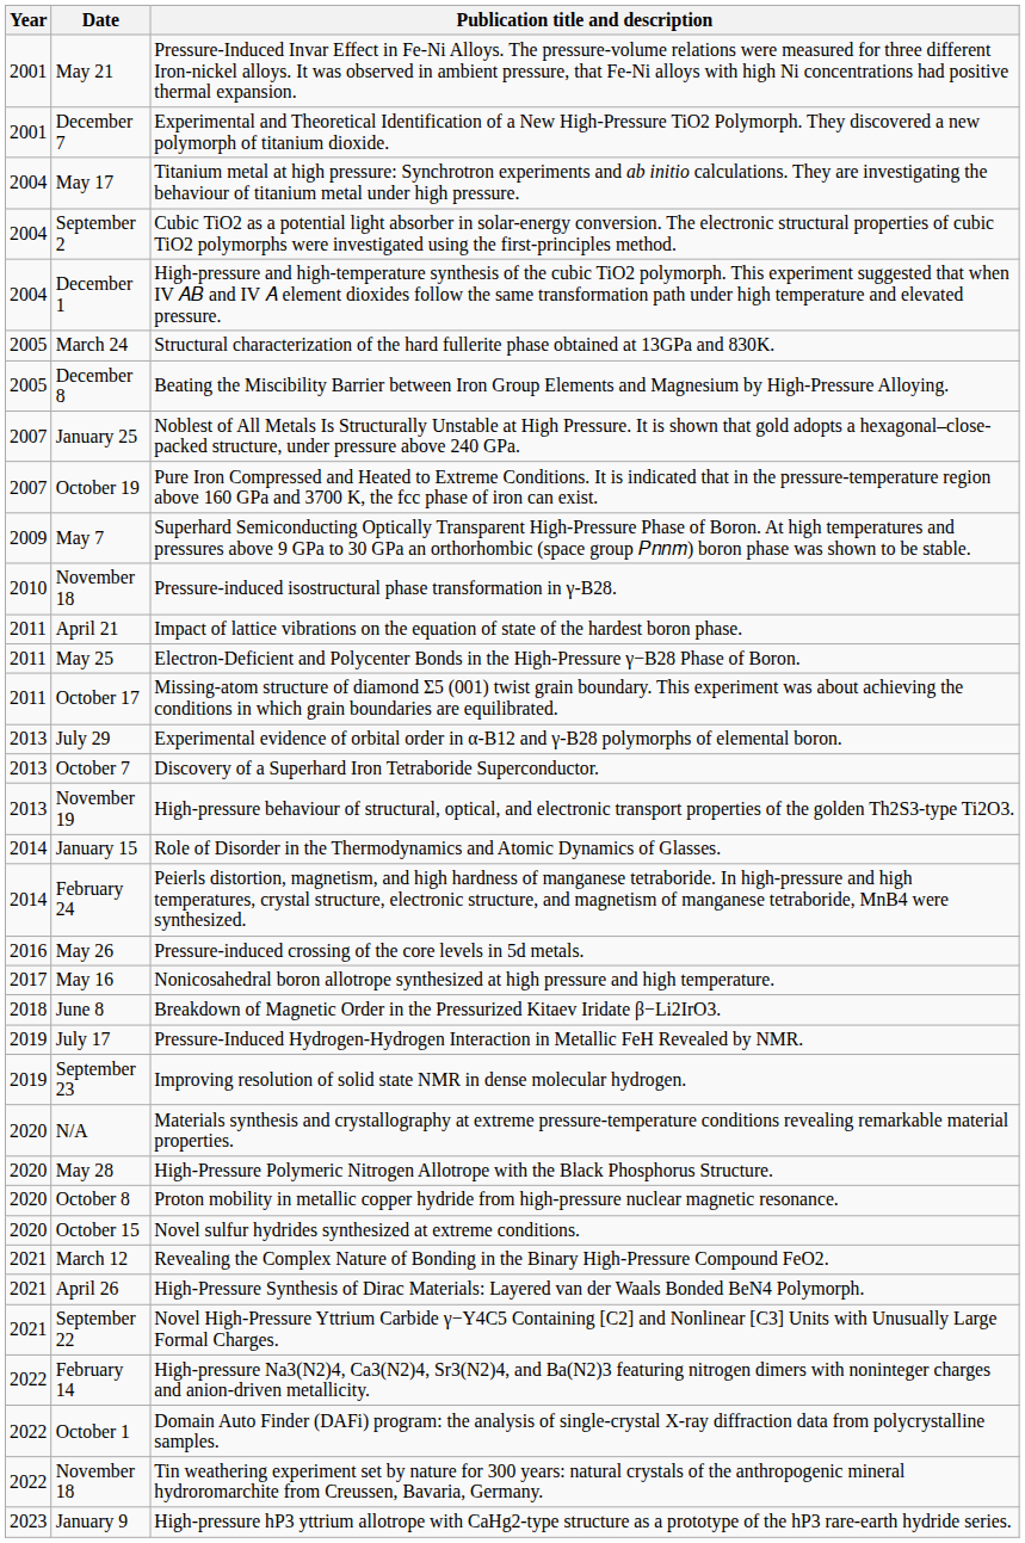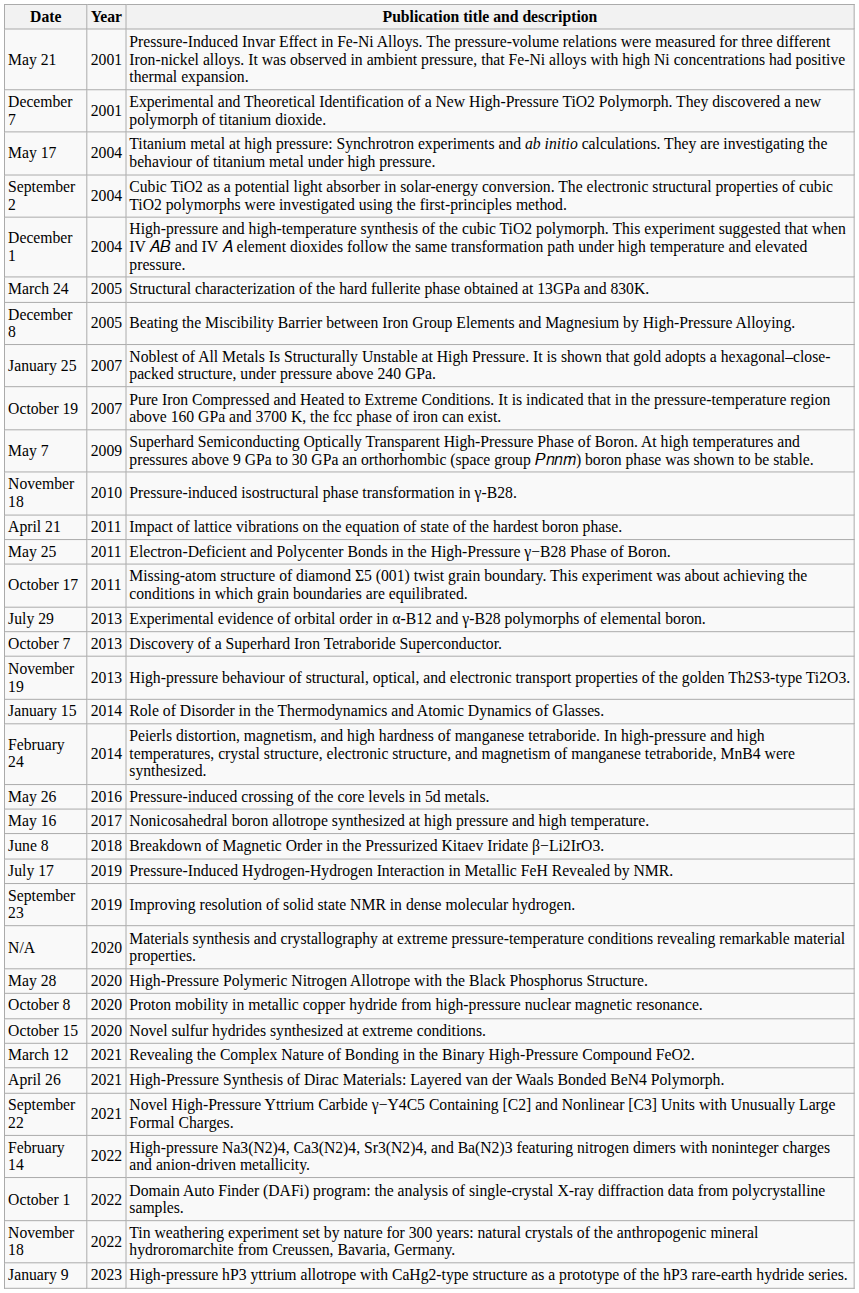 <table class="wikitable">
 <tr>
+<th>Date</th>
 <th>Year</th>
-<th>Date</th>
 <th>Publication title and description</th>
 </tr>
 <tr>
+<td>May 21</td>
 <td>2001</td>
-<td>May 21</td>
 <td>Pressure-Induced Invar Effect in Fe-Ni Alloys. The pressure-volume relations were measured for three different Iron-nickel alloys. It was observed in ambient pressure, that Fe-Ni alloys with high Ni concentrations had positive thermal expansion.</td>
 </tr>
 <tr>
+<td>December 7</td>
 <td>2001</td>
-<td>December 7</td>
 <td>Experimental and Theoretical Identification of a New High-Pressure TiO2 Polymorph. They discovered a new polymorph of titanium dioxide.</td>
 </tr>
 <tr>
+<td>May 17</td>
 <td>2004</td>
-<td>May 17</td>
 <td>Titanium metal at high pressure: Synchrotron experiments and <em>ab initio</em> calculations. They are investigating the behaviour of titanium metal under high pressure.</td>
 </tr>
 <tr>
+<td>September 2</td>
 <td>2004</td>
-<td>September 2</td>
 <td>Cubic TiO2 as a potential light absorber in solar-energy conversion. The electronic structural properties of cubic TiO2 polymorphs were investigated using the first-principles method.</td>
 </tr>
 <tr>
+<td>December 1</td>
 <td>2004</td>
-<td>December 1</td>
 <td>High-pressure and high-temperature synthesis of the cubic TiO2 polymorph. This experiment suggested that when IV 𝐴⁢𝐵 and IV 𝐴 element dioxides follow the same transformation path under high temperature and elevated pressure.</td>
 </tr>
 <tr>
+<td>March 24</td>
 <td>2005</td>
-<td>March 24</td>
 <td>Structural characterization of the hard fullerite phase obtained at 13GPa and 830K.</td>
 </tr>
 <tr>
+<td>December 8</td>
 <td>2005</td>
-<td>December 8</td>
 <td>Beating the Miscibility Barrier between Iron Group Elements and Magnesium by High-Pressure Alloying.</td>
 </tr>
 <tr>
+<td>January 25</td>
 <td>2007</td>
-<td>January 25</td>
 <td>Noblest of All Metals Is Structurally Unstable at High Pressure. It is shown that gold adopts a hexagonal–close-packed structure, under pressure above 240 GPa.</td>
 </tr>
 <tr>
+<td>October 19</td>
 <td>2007</td>
-<td>October 19</td>
 <td>Pure Iron Compressed and Heated to Extreme Conditions. It is indicated that in the pressure-temperature region above 160 GPa and 3700 K, the fcc phase of iron can exist.</td>
 </tr>
 <tr>
+<td>May 7</td>
 <td>2009</td>
-<td>May 7</td>
 <td>Superhard Semiconducting Optically Transparent High-Pressure Phase of Boron. At high temperatures and pressures above 9 GPa to 30 GPa an orthorhombic (space group 𝑃⁢𝑛⁢𝑛⁢𝑚) boron phase was shown to be stable.</td>
 </tr>
 <tr>
+<td>November 18</td>
 <td>2010</td>
-<td>November 18</td>
 <td>Pressure-induced isostructural phase transformation in γ-B28.</td>
 </tr>
 <tr>
+<td>April 21</td>
 <td>2011</td>
-<td>April 21</td>
 <td>Impact of lattice vibrations on the equation of state of the hardest boron phase.</td>
 </tr>
 <tr>
+<td>May 25</td>
 <td>2011</td>
-<td>May 25</td>
 <td>Electron-Deficient and Polycenter Bonds in the High-Pressure γ−B28 Phase of Boron.</td>
 </tr>
 <tr>
+<td>October 17</td>
 <td>2011</td>
-<td>October 17</td>
 <td>Missing-atom structure of diamond Σ5 (001) twist grain boundary. This experiment was about achieving the conditions in which grain boundaries are equilibrated.</td>
 </tr>
 <tr>
+<td>July 29</td>
 <td>2013</td>
-<td>July 29</td>
 <td>Experimental evidence of orbital order in α-B12 and γ-B28 polymorphs of elemental boron.</td>
 </tr>
 <tr>
+<td>October 7</td>
 <td>2013</td>
-<td>October 7</td>
 <td>Discovery of a Superhard Iron Tetraboride Superconductor.</td>
 </tr>
 <tr>
+<td>November 19</td>
 <td>2013</td>
-<td>November 19</td>
 <td>High-pressure behaviour of structural, optical, and electronic transport properties of the golden Th2S3-type Ti2O3.</td>
 </tr>
 <tr>
+<td>January 15</td>
 <td>2014</td>
-<td>January 15</td>
 <td>Role of Disorder in the Thermodynamics and Atomic Dynamics of Glasses.</td>
 </tr>
 <tr>
+<td>February 24</td>
 <td>2014</td>
-<td>February 24</td>
 <td>Peierls distortion, magnetism, and high hardness of manganese tetraboride. In high-pressure and high temperatures, crystal structure, electronic structure, and magnetism of manganese tetraboride, MnB4 were synthesized.</td>
 </tr>
 <tr>
+<td>May 26</td>
 <td>2016</td>
-<td>May 26</td>
 <td>Pressure-induced crossing of the core levels in 5d metals.</td>
 </tr>
 <tr>
+<td>May 16</td>
 <td>2017</td>
-<td>May 16</td>
 <td>Nonicosahedral boron allotrope synthesized at high pressure and high temperature.</td>
 </tr>
 <tr>
+<td>June 8</td>
 <td>2018</td>
-<td>June 8</td>
 <td>Breakdown of Magnetic Order in the Pressurized Kitaev Iridate β−Li2IrO3.</td>
 </tr>
 <tr>
+<td>July 17</td>
 <td>2019</td>
-<td>July 17</td>
 <td>Pressure-Induced Hydrogen-Hydrogen Interaction in Metallic FeH Revealed by NMR.</td>
 </tr>
 <tr>
+<td>September 23</td>
 <td>2019</td>
-<td>September 23</td>
 <td>Improving resolution of solid state NMR in dense molecular hydrogen.</td>
 </tr>
 <tr>
+<td>N/A</td>
 <td>2020</td>
-<td>N/A</td>
 <td>Materials synthesis and crystallography at extreme pressure-temperature conditions revealing remarkable material properties.</td>
 </tr>
 <tr>
+<td>May 28</td>
 <td>2020</td>
-<td>May 28</td>
 <td>High-Pressure Polymeric Nitrogen Allotrope with the Black Phosphorus Structure.</td>
 </tr>
 <tr>
+<td>October 8</td>
 <td>2020</td>
-<td>October 8</td>
 <td>Proton mobility in metallic copper hydride from high-pressure nuclear magnetic resonance.</td>
 </tr>
 <tr>
+<td>October 15</td>
 <td>2020</td>
-<td>October 15</td>
 <td>Novel sulfur hydrides synthesized at extreme conditions.</td>
 </tr>
 <tr>
+<td>March 12</td>
 <td>2021</td>
-<td>March 12</td>
 <td>Revealing the Complex Nature of Bonding in the Binary High-Pressure Compound FeO2.</td>
 </tr>
 <tr>
+<td>April 26</td>
 <td>2021</td>
-<td>April 26</td>
 <td>High-Pressure Synthesis of Dirac Materials: Layered van der Waals Bonded BeN4 Polymorph.</td>
 </tr>
 <tr>
+<td>September 22</td>
 <td>2021</td>
-<td>September 22</td>
 <td>Novel High-Pressure Yttrium Carbide γ−Y4C5 Containing [C2] and Nonlinear [C3] Units with Unusually Large Formal Charges.</td>
 </tr>
 <tr>
+<td>February 14</td>
 <td>2022</td>
-<td>February 14</td>
 <td>High-pressure Na3(N2)4, Ca3(N2)4, Sr3(N2)4, and Ba(N2)3 featuring nitrogen dimers with noninteger charges and anion-driven metallicity.</td>
 </tr>
 <tr>
+<td>October 1</td>
 <td>2022</td>
-<td>October 1</td>
 <td>Domain Auto Finder (DAFi) program: the analysis of single-crystal X-ray diffraction data from polycrystalline samples.</td>
 </tr>
 <tr>
+<td>November 18</td>
 <td>2022</td>
-<td>November 18</td>
 <td>Tin weathering experiment set by nature for 300 years: natural crystals of the anthropogenic mineral hydroromarchite from Creussen, Bavaria, Germany.</td>
 </tr>
 <tr>
+<td>January 9</td>
 <td>2023</td>
-<td>January 9</td>
 <td>High-pressure hP3 yttrium allotrope with CaHg2-type structure as a prototype of the hP3 rare-earth hydride series.</td>
 </tr>
 </table>
